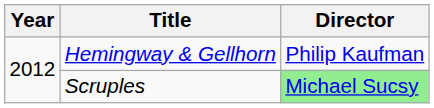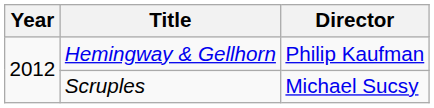 <table class="wikitable">
 <tr>
 <th>Year</th>
 <th>Title</th>
 <th>Director</th>
 </tr>
 <tr>
 <td rowspan=2>2012</td>
 <td><em><a href='#'>Hemingway & Gellhorn</a></em></td>
 <td><a href='#'>Philip Kaufman</a></td>
 </tr>
 <tr>
 <td><em>Scruples</em></td>
-<td style="background: lightgreen;"><a href='#'>Michael Sucsy</a></td>
+<td><a href='#'>Michael Sucsy</a></td>
 </tr>
 </table>
